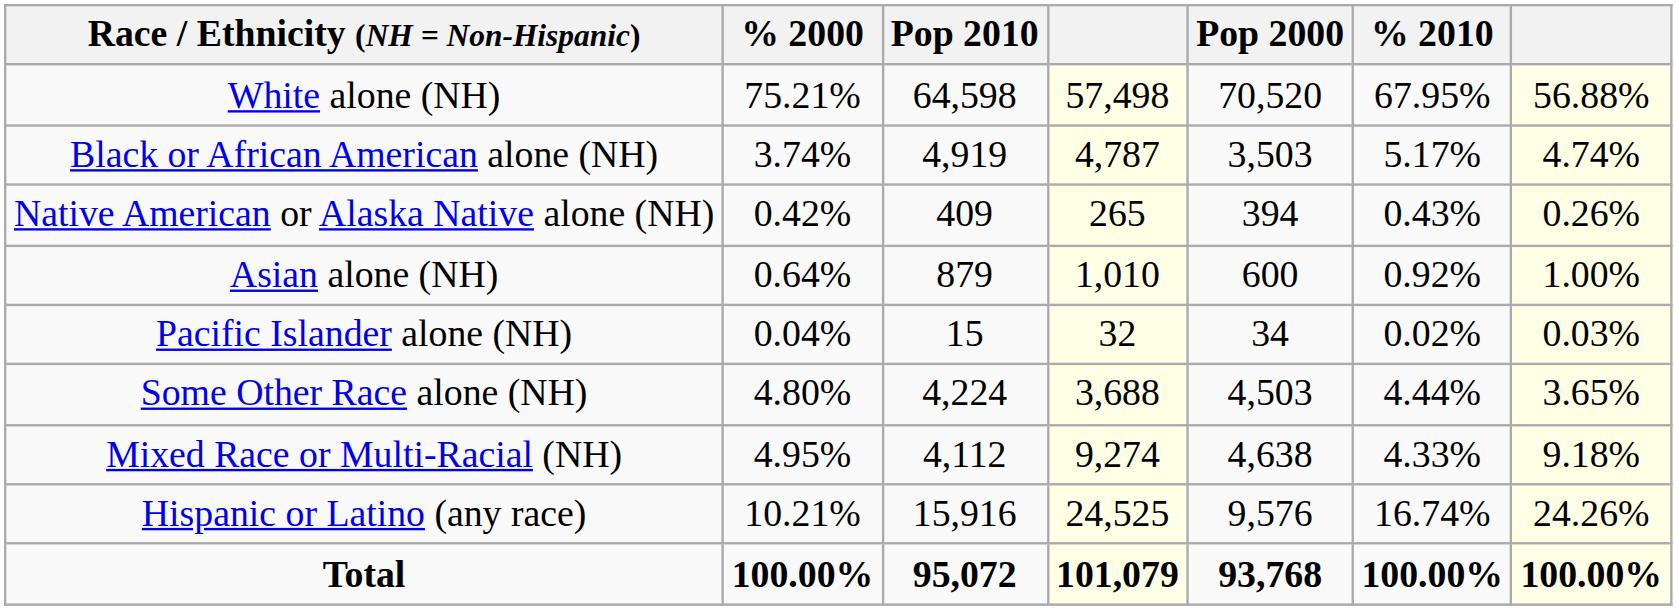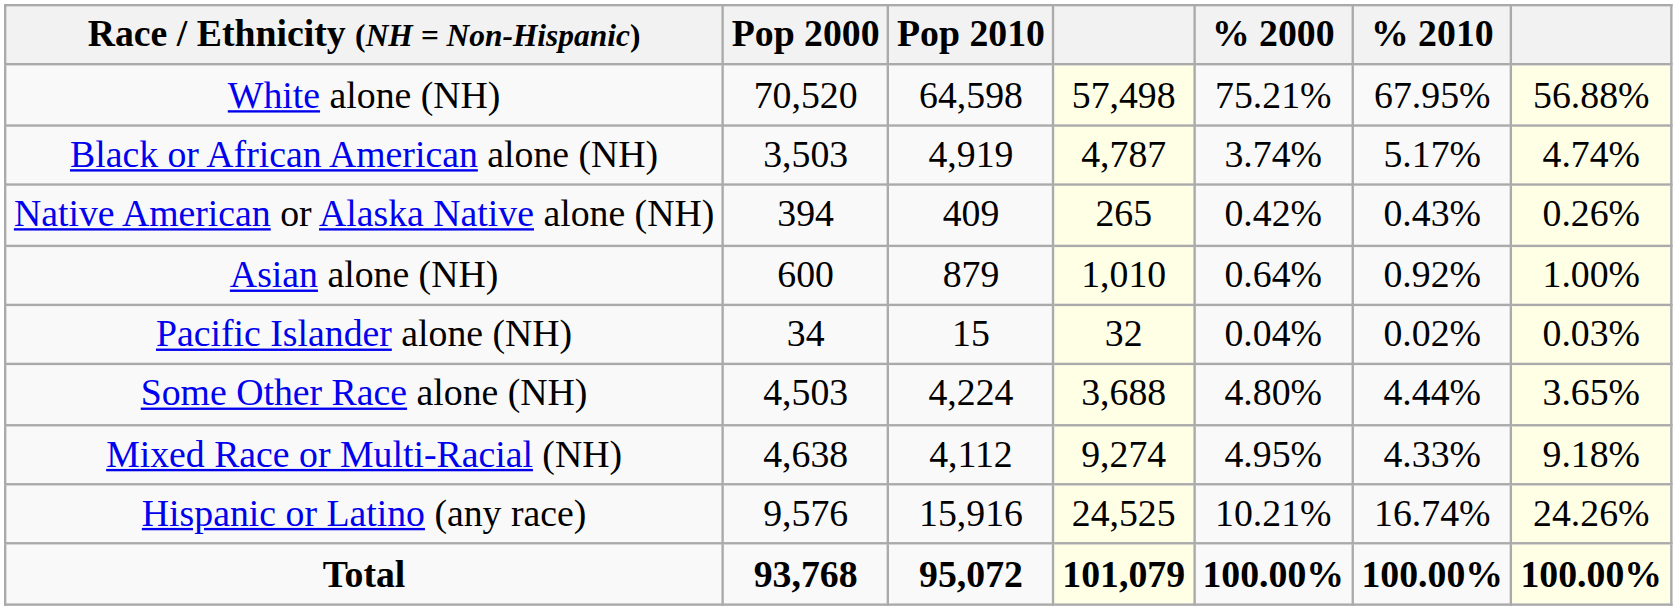 <table class="wikitable" style="text-align:center;">
 <tr>
 <th>Race / Ethnicity <small>(<em>NH = Non-Hispanic</em>)</small></th>
-<th>% 2000</th>
+<th>Pop 2000</th>
 <th>Pop 2010</th>
 <th></th>
-<th>Pop 2000</th>
+<th>% 2000</th>
 <th>% 2010</th>
 <th></th>
 </tr>
 <tr>
 <td><a href='#'>White</a> alone (NH)</td>
-<td>75.21%</td>
+<td>70,520</td>
 <td>64,598</td>
 <td style='background: #ffffe6;'>57,498</td>
-<td>70,520</td>
+<td>75.21%</td>
 <td>67.95%</td>
 <td style='background: #ffffe6;'>56.88%</td>
 </tr>
 <tr>
 <td><a href='#'>Black or African American</a> alone (NH)</td>
-<td>3.74%</td>
+<td>3,503</td>
 <td>4,919</td>
 <td style='background: #ffffe6;'>4,787</td>
-<td>3,503</td>
+<td>3.74%</td>
 <td>5.17%</td>
 <td style='background: #ffffe6;'>4.74%</td>
 </tr>
 <tr>
 <td><a href='#'>Native American</a> or <a href='#'>Alaska Native</a> alone (NH)</td>
-<td>0.42%</td>
+<td>394</td>
 <td>409</td>
 <td style='background: #ffffe6;'>265</td>
-<td>394</td>
+<td>0.42%</td>
 <td>0.43%</td>
 <td style='background: #ffffe6;'>0.26%</td>
 </tr>
 <tr>
 <td><a href='#'>Asian</a> alone (NH)</td>
-<td>0.64%</td>
+<td>600</td>
 <td>879</td>
 <td style='background: #ffffe6;'>1,010</td>
-<td>600</td>
+<td>0.64%</td>
 <td>0.92%</td>
 <td style='background: #ffffe6;'>1.00%</td>
 </tr>
 <tr>
 <td><a href='#'>Pacific Islander</a> alone (NH)</td>
-<td>0.04%</td>
+<td>34</td>
 <td>15</td>
 <td style='background: #ffffe6;'>32</td>
-<td>34</td>
+<td>0.04%</td>
 <td>0.02%</td>
 <td style='background: #ffffe6;'>0.03%</td>
 </tr>
 <tr>
 <td><a href='#'>Some Other Race</a> alone (NH)</td>
-<td>4.80%</td>
+<td>4,503</td>
 <td>4,224</td>
 <td style='background: #ffffe6;'>3,688</td>
-<td>4,503</td>
+<td>4.80%</td>
 <td>4.44%</td>
 <td style='background: #ffffe6;'>3.65%</td>
 </tr>
 <tr>
 <td><a href='#'>Mixed Race or Multi-Racial</a> (NH)</td>
-<td>4.95%</td>
+<td>4,638</td>
 <td>4,112</td>
 <td style='background: #ffffe6;'>9,274</td>
-<td>4,638</td>
+<td>4.95%</td>
 <td>4.33%</td>
 <td style='background: #ffffe6;'>9.18%</td>
 </tr>
 <tr>
 <td><a href='#'>Hispanic or Latino</a> (any race)</td>
-<td>10.21%</td>
+<td>9,576</td>
 <td>15,916</td>
 <td style='background: #ffffe6;'>24,525</td>
-<td>9,576</td>
+<td>10.21%</td>
 <td>16.74%</td>
 <td style='background: #ffffe6;'>24.26%</td>
 </tr>
 <tr>
 <td><strong>Total</strong></td>
-<td><strong>100.00%</strong></td>
+<td><strong>93,768</strong></td>
 <td><strong>95,072</strong></td>
 <td style='background: #ffffe6;'><strong>101,079</strong></td>
-<td><strong>93,768</strong></td>
+<td><strong>100.00%</strong></td>
 <td><strong>100.00%</strong></td>
 <td style='background: #ffffe6;'><strong>100.00%</strong></td>
 </tr>
 </table>
